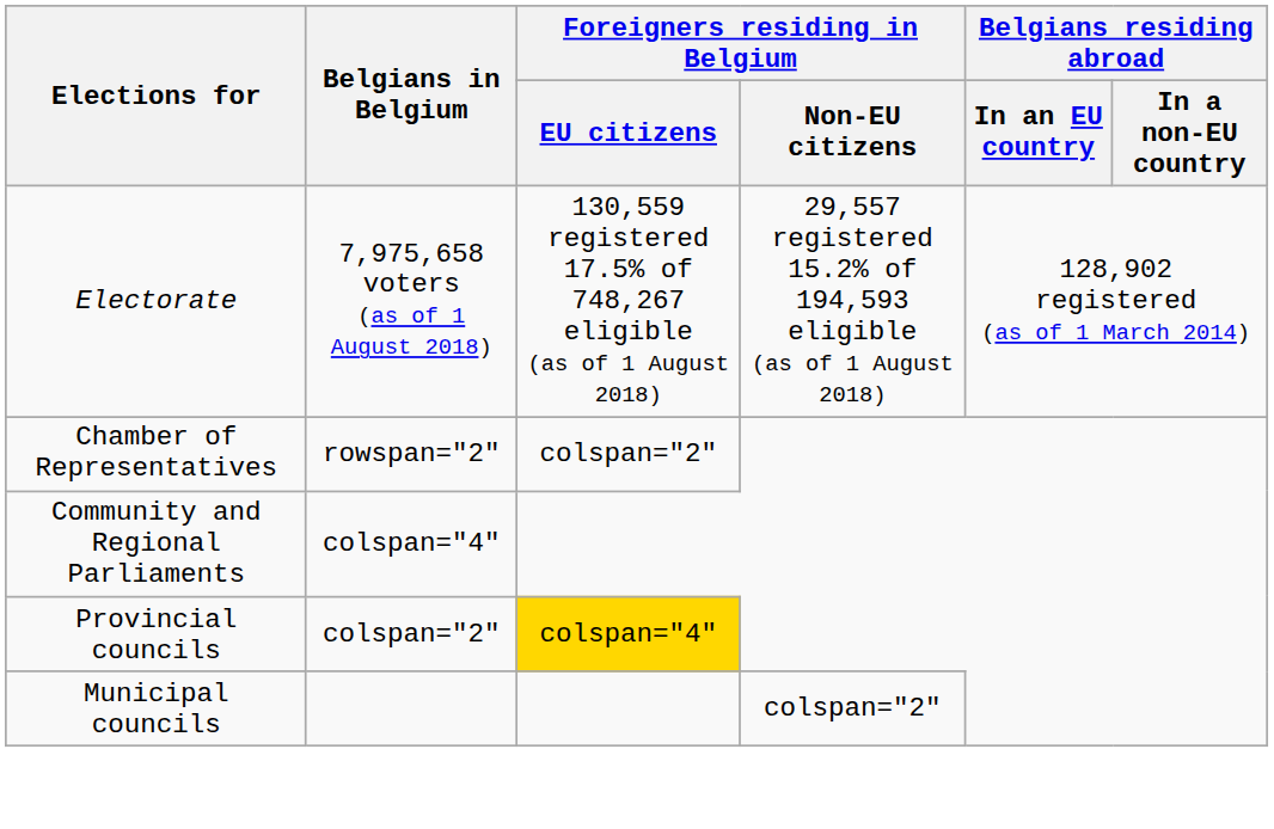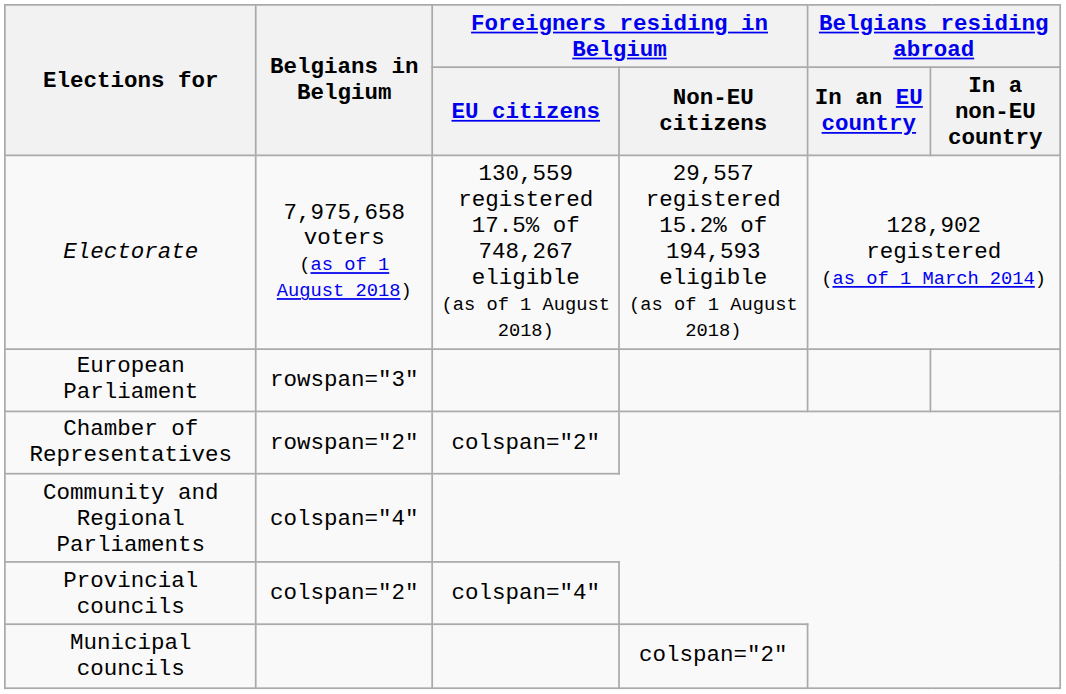 <table class="wikitable" style="text-align:center;">
 <tr>
 <th rowspan="2">Elections for</th>
 <th rowspan="2">Belgians in Belgium</th>
 <th colspan="2"><a href='#'>Foreigners residing in Belgium</a></th>
 <th colspan="2"><a href='#'>Belgians residing abroad</a></th>
 </tr>
 <tr>
 <th><a href='#'>EU citizens</a></th>
 <th>Non-EU citizens</th>
 <th>In an <a href='#'>EU country</a></th>
 <th>In a non-EU country</th>
 </tr>
 <tr>
 <td><em>Electorate</em></td>
 <td>7,975,658 voters<br><small>(<a href='#'>as of 1 August 2018</a>)</small></td>
 <td>130,559 registered<br>17.5% of 748,267 eligible<br><small>(as of 1 August 2018)</small></td>
 <td>29,557 registered<br>15.2% of 194,593 eligible<br><small>(as of 1 August 2018)</small></td>
 <td colspan="2">128,902 registered<br><small>(<a href='#'>as of 1 March 2014</a>)</small></td>
 </tr>
 <tr>
+<td>European Parliament</td>
+<td>rowspan="3" </td>
+<td></td>
+<td></td>
+<td></td>
+<td></td>
+</tr>
+<tr>
 <td>Chamber of Representatives</td>
 <td>rowspan="2" </td>
 <td>colspan="2" </td>
 </tr>
 <tr>
 <td>Community and Regional Parliaments</td>
 <td>colspan="4" </td>
 </tr>
 <tr>
 <td>Provincial councils</td>
 <td>colspan="2" </td>
-<td style="background: gold;">colspan="4" </td>
+<td>colspan="4" </td>
 </tr>
 <tr>
 <td>Municipal councils</td>
 <td></td>
 <td></td>
 <td>colspan="2" </td>
 </tr>
 </table>
